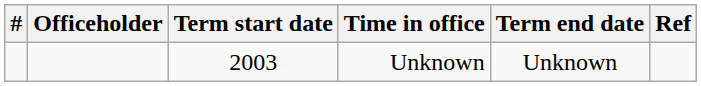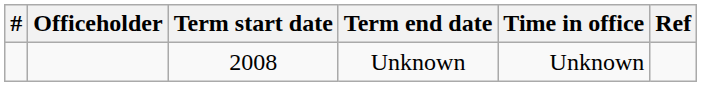 <table class="wikitable sortable">
 <tr>
 <th>#</th>
 <th>Officeholder</th>
 <th>Term start date</th>
+<th>Term end date</th>
 <th>Time in office</th>
-<th>Term end date</th>
 <th class="unsortable">Ref</th>
 </tr>
 <tr>
 <td align="center"></td>
 <td></td>
-<td align="center">2003</td>
+<td align="center">2008</td>
+<td align="center">Unknown</td>
 <td align="right">Unknown</td>
-<td align="center">Unknown</td>
 <td></td>
 </tr>
 </table>
